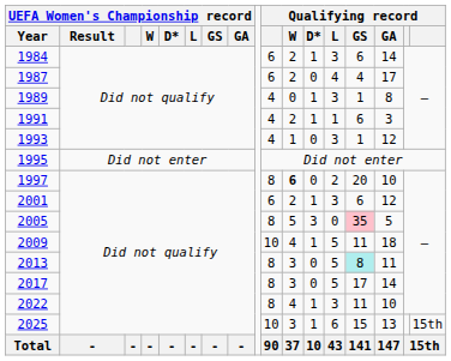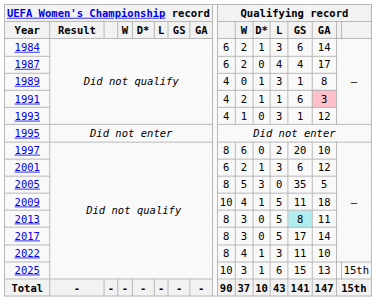 <table class="wikitable" style="text-align: center;">
 <tr>
 <th colspan=8><a href='#'>UEFA Women's Championship</a> record</th>
 <td rowspan=100></td>
 <th colspan=8>Qualifying record</th>
 </tr>
 <tr>
 <th>Year</th>
 <th>Result</th>
 <th></th>
 <th>W</th>
 <th>D*</th>
 <th>L</th>
 <th>GS</th>
 <th>GA<br></th>
 <th></th>
 <th>W</th>
 <th>D*</th>
 <th>L</th>
 <th>GS</th>
 <th>GA</th>
 <th></th>
 <th></th>
 </tr>
 <tr>
 <td><a href='#'>1984</a></td>
 <td colspan=7 rowspan=5><em>Did not qualify</em></td>
 <td>6</td>
 <td>2</td>
 <td>1</td>
 <td>3</td>
 <td>6</td>
 <td>14</td>
 <td colspan=2 rowspan=5>–</td>
 </tr>
 <tr>
 <td> <a href='#'>1987</a></td>
 <td>6</td>
 <td>2</td>
 <td>0</td>
 <td>4</td>
 <td>4</td>
 <td>17</td>
 </tr>
 <tr>
 <td> <a href='#'>1989</a></td>
 <td>4</td>
 <td>0</td>
 <td>1</td>
 <td>3</td>
 <td>1</td>
 <td>8</td>
 </tr>
 <tr>
 <td> <a href='#'>1991</a></td>
 <td>4</td>
 <td>2</td>
 <td>1</td>
 <td>1</td>
 <td>6</td>
-<td>3</td>
+<td style="background: pink;">3</td>
 </tr>
 <tr>
 <td> <a href='#'>1993</a></td>
 <td>4</td>
 <td>1</td>
 <td>0</td>
 <td>3</td>
 <td>1</td>
 <td>12</td>
 </tr>
 <tr>
 <td> <a href='#'>1995</a></td>
 <td colspan=7><em>Did not enter</em></td>
 <td colspan=8><em>Did not enter</em></td>
 </tr>
 <tr>
 <td> <a href='#'>1997</a></td>
 <td colspan=8 rowspan=8><em>Did not qualify</em></td>
 <td>8</td>
-<td><strong>6</strong></td>
+<td>6</td>
 <td>0</td>
 <td>2</td>
 <td>20</td>
 <td>10</td>
 <td colspan=2 rowspan=7>–</td>
 </tr>
 <tr>
 <td> <a href='#'>2001</a></td>
 <td>6</td>
 <td>2</td>
 <td>1</td>
 <td>3</td>
 <td>6</td>
 <td>12</td>
 </tr>
 <tr>
 <td> <a href='#'>2005</a></td>
 <td>8</td>
 <td>5</td>
 <td>3</td>
 <td>0</td>
-<td style="background: pink;">35</td>
+<td>35</td>
 <td>5</td>
 </tr>
 <tr>
 <td> <a href='#'>2009</a></td>
 <td>10</td>
 <td>4</td>
 <td>1</td>
 <td>5</td>
 <td>11</td>
 <td>18</td>
 </tr>
 <tr>
 <td> <a href='#'>2013</a></td>
 <td>8</td>
 <td>3</td>
 <td>0</td>
 <td>5</td>
 <td style="background: paleturquoise;">8</td>
 <td>11</td>
 </tr>
 <tr>
 <td> <a href='#'>2017</a></td>
 <td>8</td>
 <td>3</td>
 <td>0</td>
 <td>5</td>
 <td>17</td>
 <td>14</td>
 </tr>
 <tr>
 <td> <a href='#'>2022</a></td>
 <td>8</td>
 <td>4</td>
 <td>1</td>
 <td>3</td>
 <td>11</td>
 <td>10</td>
 </tr>
 <tr>
 <td> <a href='#'>2025</a></td>
 <td>10</td>
 <td>3</td>
 <td>1</td>
 <td>6</td>
 <td>15</td>
 <td>13</td>
 <td></td>
 <td>15th</td>
 </tr>
 <tr>
 <th>Total</th>
 <th>-</th>
 <th>-</th>
 <th>-</th>
 <th>-</th>
 <th>-</th>
 <th>-</th>
 <th>-</th>
 <th>90</th>
 <th>37</th>
 <th>10</th>
 <th>43</th>
 <th>141</th>
 <th>147</th>
 <th colspan=2>15th</th>
 </tr>
 </table>
